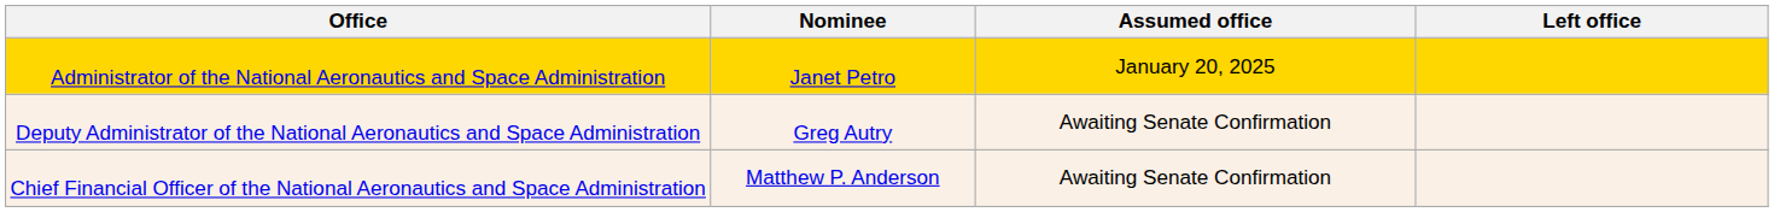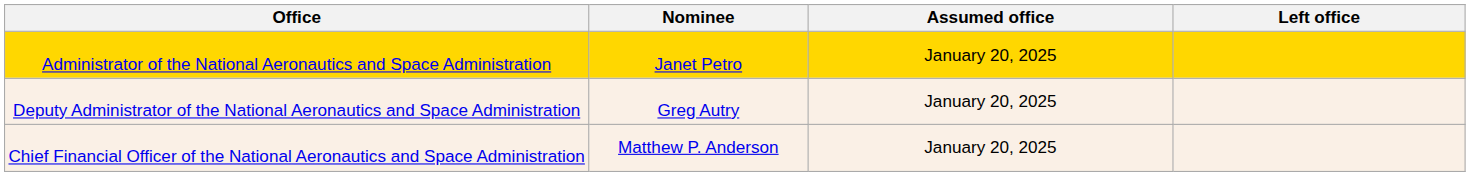 <table class="wikitable sortable" style="text-align:center">
 <tr>
 <th style="width:40%;">Office</th>
 <th style="width:15%;">Nominee</th>
 <th style="width:25%;" data-sort-="" type="date">Assumed office</th>
 <th style="width:20%;" data-sort-="" type="date">Left office</th>
 </tr>
 <tr style="background:gold">
 <td><br><a href='#'>Administrator of the National Aeronautics and Space Administration</a></td>
 <td><br><a href='#'>Janet Petro</a></td>
 <td>January 20, 2025</td>
 <td></td>
 </tr>
 <tr style="background:linen">
 <td rowspan="1"><br><a href='#'>Deputy Administrator of the National Aeronautics and Space Administration</a></td>
 <td><br><a href='#'>Greg Autry</a></td>
-<td>Awaiting Senate Confirmation</td>
+<td>January 20, 2025</td>
 <td></td>
 </tr>
 <tr style="background:linen">
 <td rowspan="1"><br><a href='#'>Chief Financial Officer of the National Aeronautics and Space Administration</a></td>
 <td><a href='#'>Matthew P. Anderson</a></td>
-<td>Awaiting Senate Confirmation</td>
+<td>January 20, 2025</td>
 <td></td>
 </tr>
 </table>
